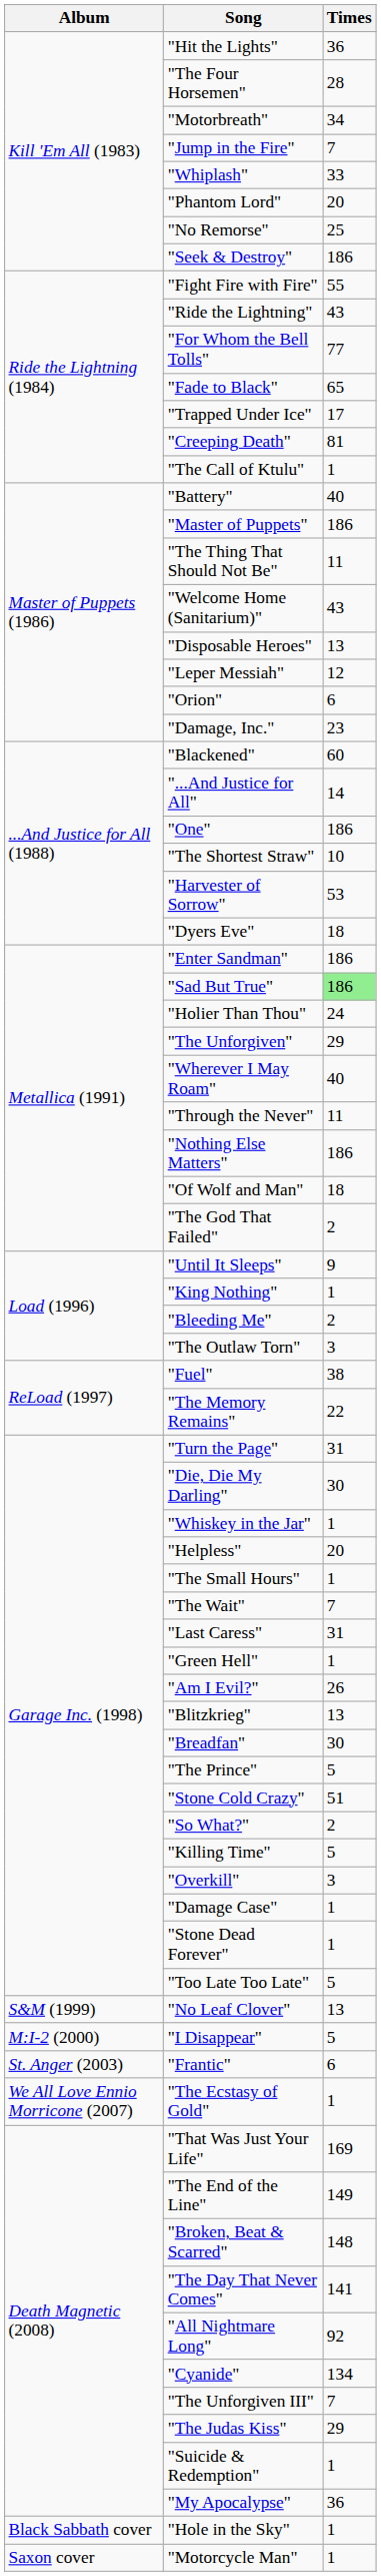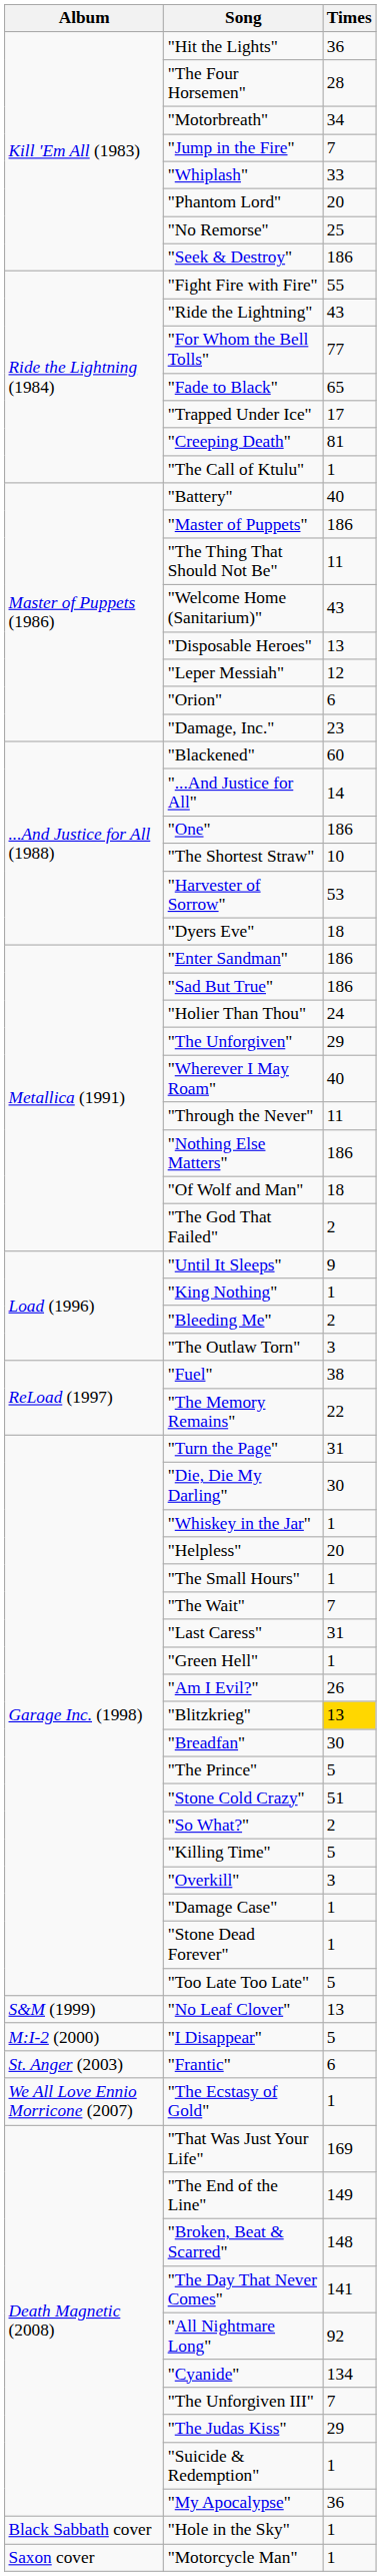 <table class="wikitable sortable">
 <tr>
 <th style="width:140px;">Album</th>
 <th style="width:140px;">Song</th>
 <th style="width:20px;">Times</th>
 </tr>
 <tr>
 <td rowspan="8"><em><a href='#'>Kill 'Em All</a></em> (1983)</td>
 <td>"Hit the Lights"</td>
 <td>36</td>
 </tr>
 <tr>
 <td>"The Four Horsemen"</td>
 <td>28</td>
 </tr>
 <tr>
 <td>"Motorbreath"</td>
 <td>34</td>
 </tr>
 <tr>
 <td>"<a href='#'>Jump in the Fire</a>"</td>
 <td>7</td>
 </tr>
 <tr>
 <td>"<a href='#'>Whiplash</a>"</td>
 <td>33</td>
 </tr>
 <tr>
 <td>"Phantom Lord"</td>
 <td>20</td>
 </tr>
 <tr>
 <td>"No Remorse"</td>
 <td>25</td>
 </tr>
 <tr>
 <td>"<a href='#'>Seek & Destroy</a>"</td>
 <td>186</td>
 </tr>
 <tr>
 <td rowspan="7"><em><a href='#'>Ride the Lightning</a></em> (1984)</td>
 <td>"Fight Fire with Fire"</td>
 <td>55</td>
 </tr>
 <tr>
 <td>"Ride the Lightning"</td>
 <td>43</td>
 </tr>
 <tr>
 <td>"<a href='#'>For Whom the Bell Tolls</a>"</td>
 <td>77</td>
 </tr>
 <tr>
 <td>"<a href='#'>Fade to Black</a>"</td>
 <td>65</td>
 </tr>
 <tr>
 <td>"Trapped Under Ice"</td>
 <td>17</td>
 </tr>
 <tr>
 <td>"<a href='#'>Creeping Death</a>"</td>
 <td>81</td>
 </tr>
 <tr>
 <td>"The Call of Ktulu"</td>
 <td>1</td>
 </tr>
 <tr>
 <td rowspan="8"><em><a href='#'>Master of Puppets</a></em> (1986)</td>
 <td>"Battery"</td>
 <td>40</td>
 </tr>
 <tr>
 <td>"<a href='#'>Master of Puppets</a>"</td>
 <td>186</td>
 </tr>
 <tr>
 <td>"The Thing That Should Not Be"</td>
 <td>11</td>
 </tr>
 <tr>
 <td>"Welcome Home (Sanitarium)"</td>
 <td>43</td>
 </tr>
 <tr>
 <td>"Disposable Heroes"</td>
 <td>13</td>
 </tr>
 <tr>
 <td>"Leper Messiah"</td>
 <td>12</td>
 </tr>
 <tr>
 <td>"Orion"</td>
 <td>6</td>
 </tr>
 <tr>
 <td>"Damage, Inc."</td>
 <td>23</td>
 </tr>
 <tr>
 <td rowspan="6"><a href='#'><em>...And Justice for All</em></a> (1988)</td>
 <td>"Blackened"</td>
 <td>60</td>
 </tr>
 <tr>
 <td>"<a href='#'>...And Justice for All</a>"</td>
 <td>14</td>
 </tr>
 <tr>
 <td>"<a href='#'>One</a>"</td>
 <td>186</td>
 </tr>
 <tr>
 <td>"The Shortest Straw"</td>
 <td>10</td>
 </tr>
 <tr>
 <td>"<a href='#'>Harvester of Sorrow</a>"</td>
 <td>53</td>
 </tr>
 <tr>
 <td>"Dyers Eve"</td>
 <td>18</td>
 </tr>
 <tr>
 <td rowspan="9"><a href='#'><em>Metallica</em></a> (1991)</td>
 <td>"<a href='#'>Enter Sandman</a>"</td>
 <td>186</td>
 </tr>
 <tr>
 <td>"<a href='#'>Sad But True</a>"</td>
-<td style="background: lightgreen;">186</td>
+<td>186</td>
 </tr>
 <tr>
 <td>"Holier Than Thou"</td>
 <td>24</td>
 </tr>
 <tr>
 <td>"<a href='#'>The Unforgiven</a>"</td>
 <td>29</td>
 </tr>
 <tr>
 <td>"<a href='#'>Wherever I May Roam</a>"</td>
 <td>40</td>
 </tr>
 <tr>
 <td>"Through the Never"</td>
 <td>11</td>
 </tr>
 <tr>
 <td>"<a href='#'>Nothing Else Matters</a>"</td>
 <td>186</td>
 </tr>
 <tr>
 <td>"Of Wolf and Man"</td>
 <td>18</td>
 </tr>
 <tr>
 <td>"The God That Failed"</td>
 <td>2</td>
 </tr>
 <tr>
 <td rowspan="4"><a href='#'><em>Load</em></a> (1996)</td>
 <td>"<a href='#'>Until It Sleeps</a>"</td>
 <td>9</td>
 </tr>
 <tr>
 <td>"<a href='#'>King Nothing</a>"</td>
 <td>1</td>
 </tr>
 <tr>
 <td>"<a href='#'>Bleeding Me</a>"</td>
 <td>2</td>
 </tr>
 <tr>
 <td>"The Outlaw Torn"</td>
 <td>3</td>
 </tr>
 <tr>
 <td rowspan="2"><a href='#'><em>ReLoad</em></a> (1997)</td>
 <td>"<a href='#'>Fuel</a>"</td>
 <td>38</td>
 </tr>
 <tr>
 <td>"<a href='#'>The Memory Remains</a>"</td>
 <td>22</td>
 </tr>
 <tr>
 <td rowspan="19"><em><a href='#'>Garage Inc.</a></em> (1998)</td>
 <td>"<a href='#'>Turn the Page</a>"</td>
 <td>31</td>
 </tr>
 <tr>
 <td>"<a href='#'>Die, Die My Darling</a>"</td>
 <td>30</td>
 </tr>
 <tr>
 <td>"<a href='#'>Whiskey in the Jar</a>"</td>
 <td>1</td>
 </tr>
 <tr>
 <td>"Helpless"</td>
 <td>20</td>
 </tr>
 <tr>
 <td>"The Small Hours"</td>
 <td>1</td>
 </tr>
 <tr>
 <td>"The Wait"</td>
 <td>7</td>
 </tr>
 <tr>
 <td>"Last Caress"</td>
 <td>31</td>
 </tr>
 <tr>
 <td>"Green Hell"</td>
 <td>1</td>
 </tr>
 <tr>
 <td>"<a href='#'>Am I Evil?</a>"</td>
 <td>26</td>
 </tr>
 <tr>
 <td>"Blitzkrieg"</td>
-<td>13</td>
+<td style="background: gold;">13</td>
 </tr>
 <tr>
 <td>"<a href='#'>Breadfan</a>"</td>
 <td>30</td>
 </tr>
 <tr>
 <td>"The Prince"</td>
 <td>5</td>
 </tr>
 <tr>
 <td>"<a href='#'>Stone Cold Crazy</a>"</td>
 <td>51</td>
 </tr>
 <tr>
 <td>"<a href='#'>So What?</a>"</td>
 <td>2</td>
 </tr>
 <tr>
 <td>"Killing Time"</td>
 <td>5</td>
 </tr>
 <tr>
 <td>"<a href='#'>Overkill</a>"</td>
 <td>3</td>
 </tr>
 <tr>
 <td>"Damage Case"</td>
 <td>1</td>
 </tr>
 <tr>
 <td>"Stone Dead Forever"</td>
 <td>1</td>
 </tr>
 <tr>
 <td>"Too Late Too Late"</td>
 <td>5</td>
 </tr>
 <tr>
 <td><a href='#'><em>S&M</em></a> (1999)</td>
 <td>"<a href='#'>No Leaf Clover</a>"</td>
 <td>13</td>
 </tr>
 <tr>
 <td><a href='#'><em>M:I-2</em></a> (2000)</td>
 <td>"<a href='#'>I Disappear</a>"</td>
 <td>5</td>
 </tr>
 <tr>
 <td><em><a href='#'>St. Anger</a></em> (2003)</td>
 <td>"<a href='#'>Frantic</a>"</td>
 <td>6</td>
 </tr>
 <tr>
 <td><em><a href='#'>We All Love Ennio Morricone</a></em> (2007)</td>
 <td>"<a href='#'>The Ecstasy of Gold</a>"</td>
 <td>1</td>
 </tr>
 <tr>
 <td rowspan="10"><em><a href='#'>Death Magnetic</a></em> (2008)</td>
 <td>"That Was Just Your Life"</td>
 <td>169</td>
 </tr>
 <tr>
 <td>"The End of the Line"</td>
 <td>149</td>
 </tr>
 <tr>
 <td>"<a href='#'>Broken, Beat & Scarred</a>"</td>
 <td>148</td>
 </tr>
 <tr>
 <td>"<a href='#'>The Day That Never Comes</a>"</td>
 <td>141</td>
 </tr>
 <tr>
 <td>"<a href='#'>All Nightmare Long</a>"</td>
 <td>92</td>
 </tr>
 <tr>
 <td>"<a href='#'>Cyanide</a>"</td>
 <td>134</td>
 </tr>
 <tr>
 <td>"The Unforgiven III"</td>
 <td>7</td>
 </tr>
 <tr>
 <td>"<a href='#'>The Judas Kiss</a>"</td>
 <td>29</td>
 </tr>
 <tr>
 <td>"Suicide & Redemption"</td>
 <td>1</td>
 </tr>
 <tr>
 <td>"<a href='#'>My Apocalypse</a>"</td>
 <td>36</td>
 </tr>
 <tr>
 <td><a href='#'>Black Sabbath</a> cover</td>
 <td>"Hole in the Sky"</td>
 <td>1</td>
 </tr>
 <tr>
 <td><a href='#'>Saxon</a> cover</td>
 <td>"Motorcycle Man"</td>
 <td>1</td>
 </tr>
 </table>
